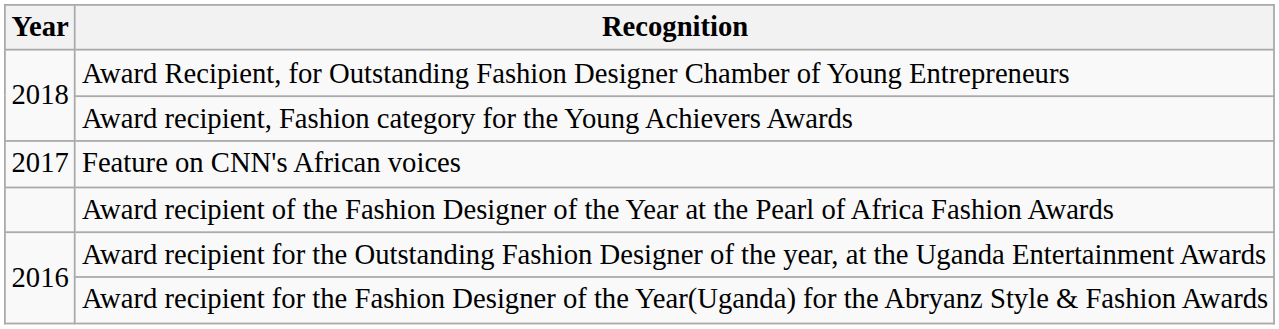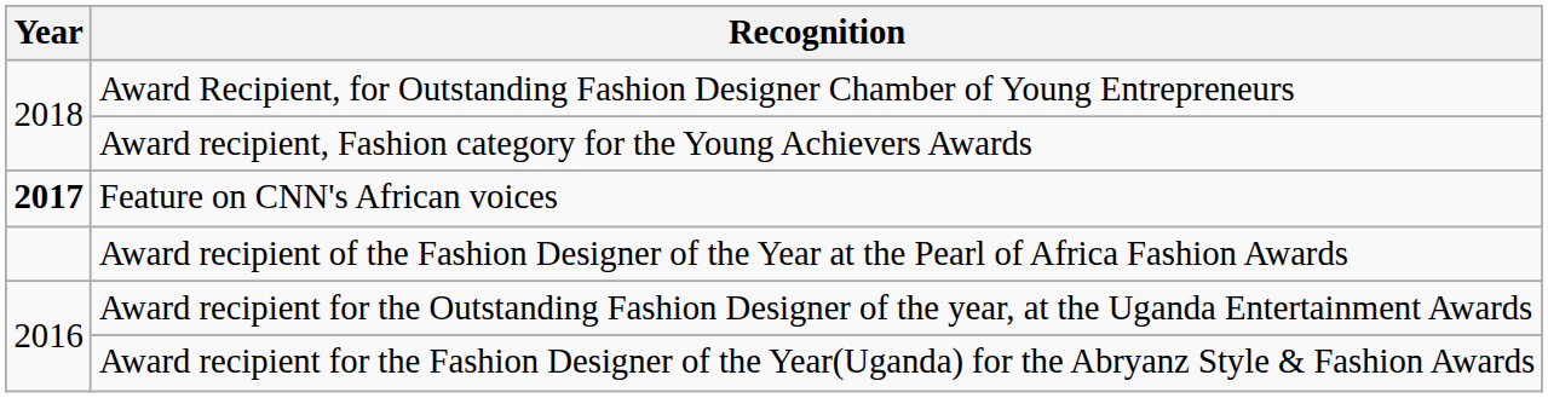 <table class="wikitable">
 <tr>
 <th>Year</th>
 <th>Recognition</th>
 </tr>
 <tr>
 <td rowspan="2">2018</td>
 <td>Award Recipient, for Outstanding Fashion Designer Chamber of Young Entrepreneurs</td>
 </tr>
 <tr>
 <td>Award recipient, Fashion category for the Young Achievers Awards</td>
 </tr>
 <tr>
-<td>2017</td>
+<td><strong>2017</strong></td>
 <td>Feature on CNN's African voices</td>
 </tr>
 <tr>
 <td></td>
 <td>Award recipient of the Fashion Designer of the Year at the Pearl of Africa Fashion Awards</td>
 </tr>
 <tr>
 <td rowspan="2">2016</td>
 <td>Award recipient for the Outstanding Fashion Designer of the year, at the Uganda Entertainment Awards</td>
 </tr>
 <tr>
 <td>Award recipient for the Fashion Designer of the Year(Uganda) for the Abryanz Style & Fashion Awards</td>
 </tr>
 </table>
